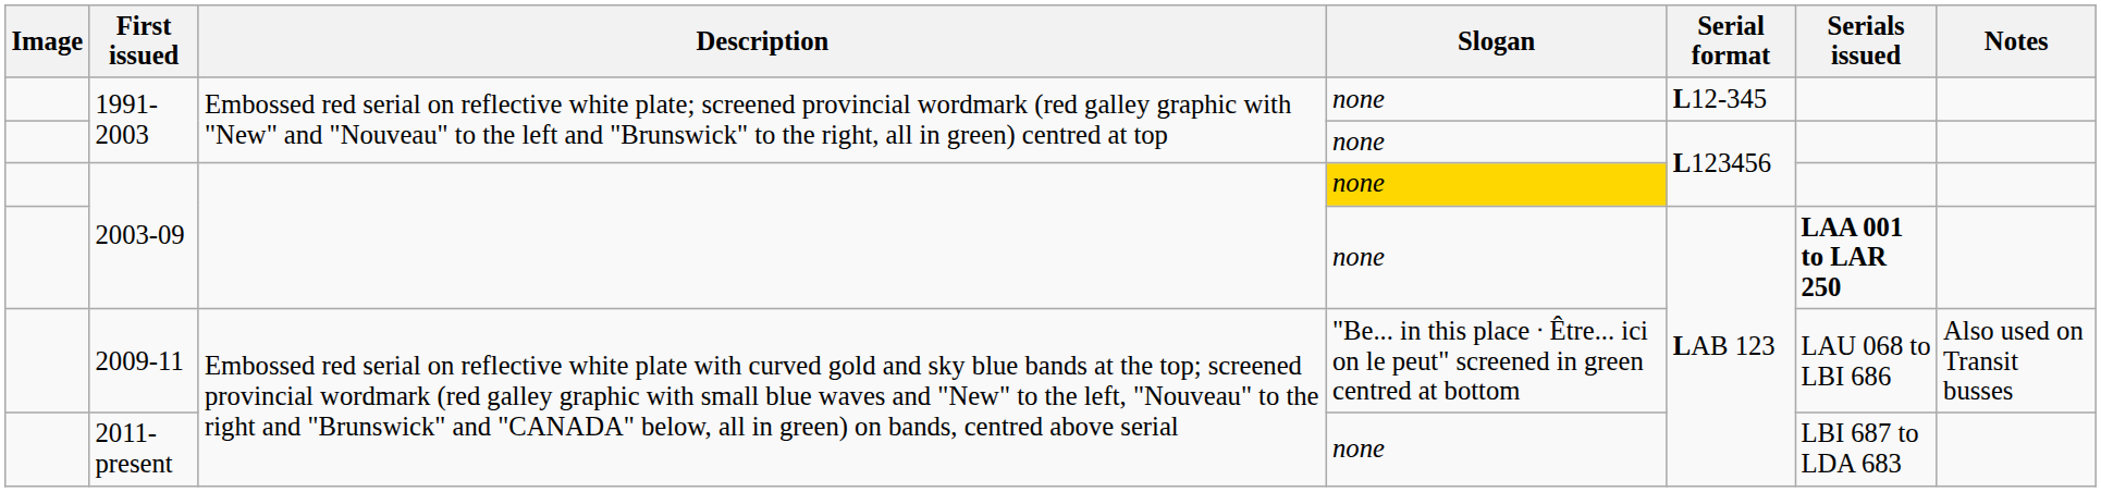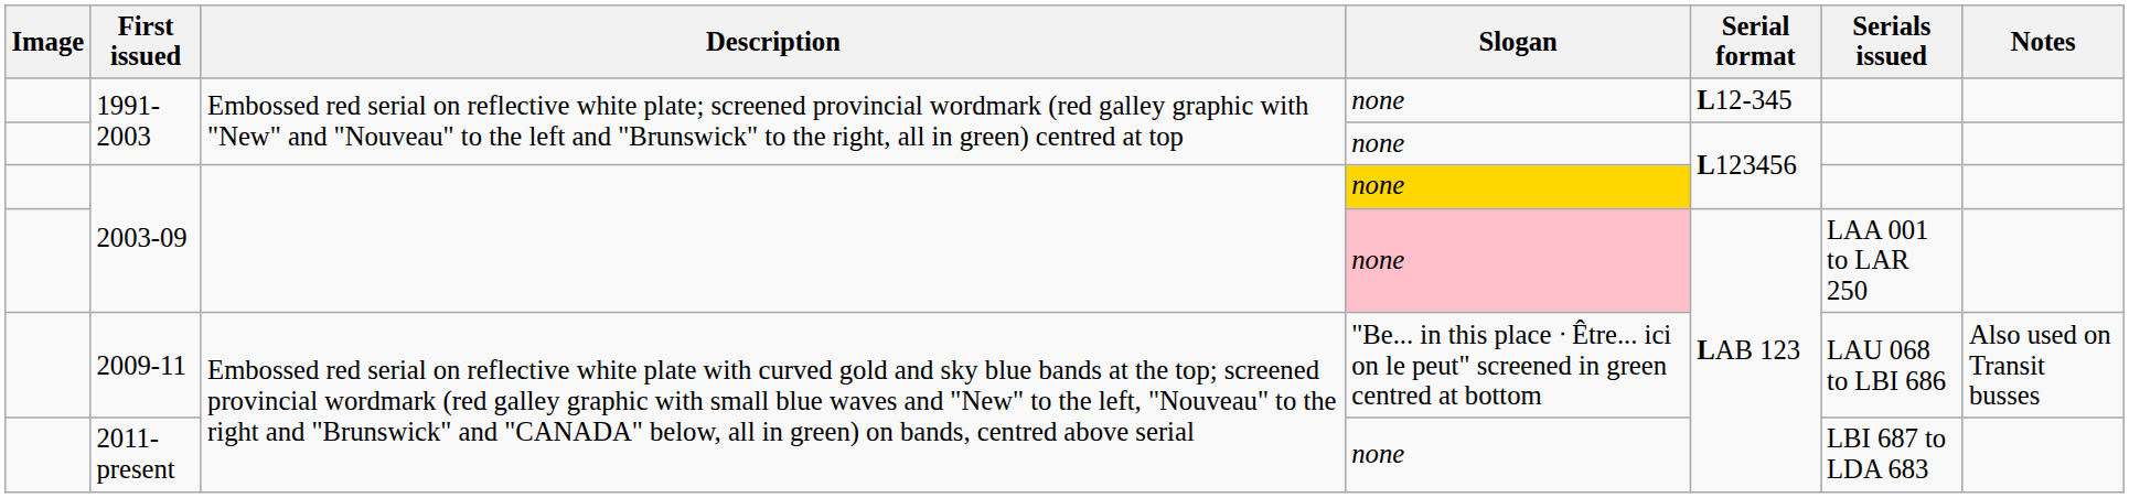 <table class="wikitable">
 <tr>
 <th>Image</th>
 <th>First issued</th>
 <th>Description</th>
 <th>Slogan</th>
 <th>Serial format</th>
 <th>Serials issued</th>
 <th>Notes</th>
 </tr>
 <tr>
 <td></td>
 <td rowspan="2">1991-2003</td>
 <td rowspan="2">Embossed red serial on reflective white plate; screened provincial wordmark (red galley graphic with "New" and "Nouveau" to the left and "Brunswick" to the right, all in green) centred at top</td>
 <td><em>none</em></td>
 <td><strong>L</strong>12-345</td>
 <td></td>
 <td></td>
 </tr>
 <tr>
 <td></td>
 <td><em>none</em></td>
 <td rowspan="2"><strong>L</strong>123456</td>
 <td></td>
 <td></td>
 </tr>
 <tr>
 <td></td>
 <td rowspan="2">2003-09</td>
 <td rowspan="2"></td>
 <td style="background: gold;"><em>none</em></td>
 <td></td>
 <td></td>
 </tr>
 <tr>
 <td></td>
-<td><em>none</em></td>
+<td style="background: pink;"><em>none</em></td>
 <td rowspan="3"><strong>L</strong>AB 123</td>
-<td><strong>LAA 001 to LAR 250</strong></td>
+<td>LAA 001 to LAR 250</td>
 <td></td>
 </tr>
 <tr>
 <td></td>
 <td>2009-11</td>
 <td rowspan="2">Embossed red serial on reflective white plate with curved gold and sky blue bands at the top; screened provincial wordmark (red galley graphic with small blue waves and "New" to the left, "Nouveau" to the right and "Brunswick" and "CANADA" below, all in green) on bands, centred above serial</td>
 <td>"Be... in this place  ᐧ  Être... ici on le peut" screened in green centred at bottom</td>
 <td>LAU 068 to LBI 686</td>
 <td>Also used on Transit busses</td>
 </tr>
 <tr>
 <td></td>
 <td>2011-present</td>
 <td><em>none</em></td>
 <td>LBI 687 to LDA 683 </td>
 <td></td>
 </tr>
 </table>
